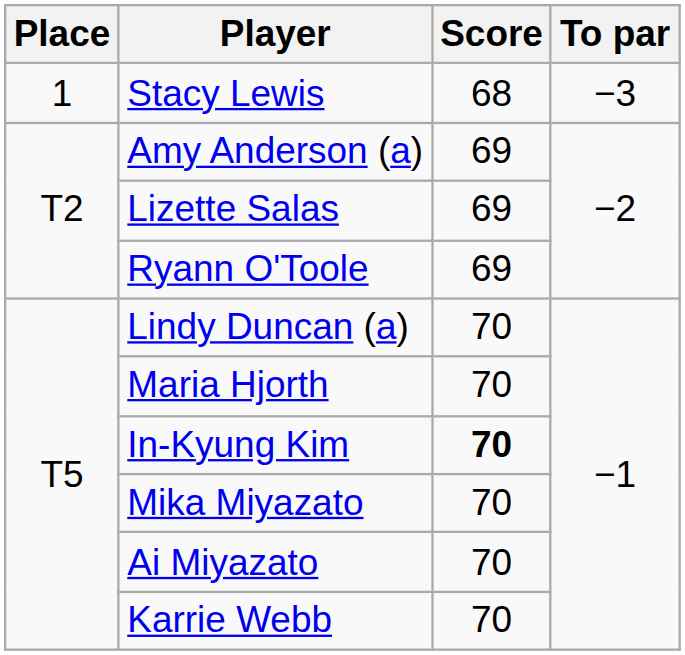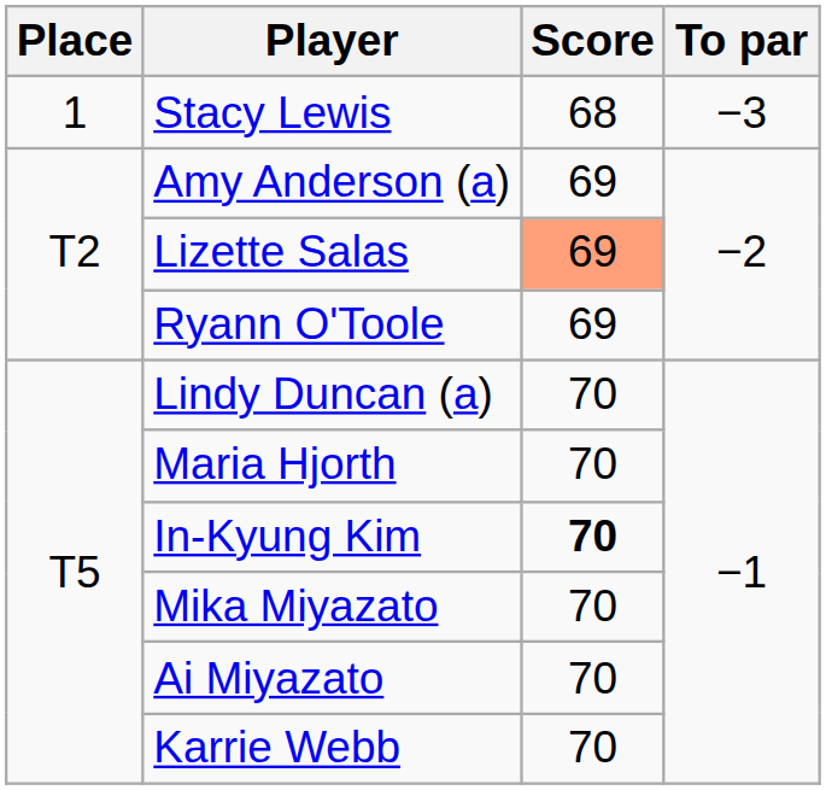 <table class="wikitable">
 <tr>
 <th>Place</th>
 <th>Player</th>
 <th>Score</th>
 <th>To par</th>
 </tr>
 <tr>
 <td align=center>1</td>
 <td> <a href='#'>Stacy Lewis</a></td>
 <td align=center>68</td>
 <td align=center>−3</td>
 </tr>
 <tr>
 <td align=center rowspan=3>T2</td>
 <td> <a href='#'>Amy Anderson</a> (<a href='#'>a</a>)</td>
 <td align=center>69</td>
 <td align=center rowspan=3>−2</td>
 </tr>
 <tr>
 <td> <a href='#'>Lizette Salas</a></td>
-<td align=center>69</td>
+<td align=center style="background: lightsalmon;">69</td>
 </tr>
 <tr>
 <td> <a href='#'>Ryann O'Toole</a></td>
 <td align=center>69</td>
 </tr>
 <tr>
 <td align=center rowspan=6>T5</td>
 <td> <a href='#'>Lindy Duncan</a> (<a href='#'>a</a>)</td>
 <td align=center>70</td>
 <td align=center rowspan=6>−1</td>
 </tr>
 <tr>
 <td> <a href='#'>Maria Hjorth</a></td>
 <td align=center>70</td>
 </tr>
 <tr>
 <td> <a href='#'>In-Kyung Kim</a></td>
 <td align=center><strong>70</strong></td>
 </tr>
 <tr>
 <td> <a href='#'>Mika Miyazato</a></td>
 <td align=center>70</td>
 </tr>
 <tr>
 <td> <a href='#'>Ai Miyazato</a></td>
 <td align=center>70</td>
 </tr>
 <tr>
 <td> <a href='#'>Karrie Webb</a></td>
 <td align=center>70</td>
 </tr>
 </table>
